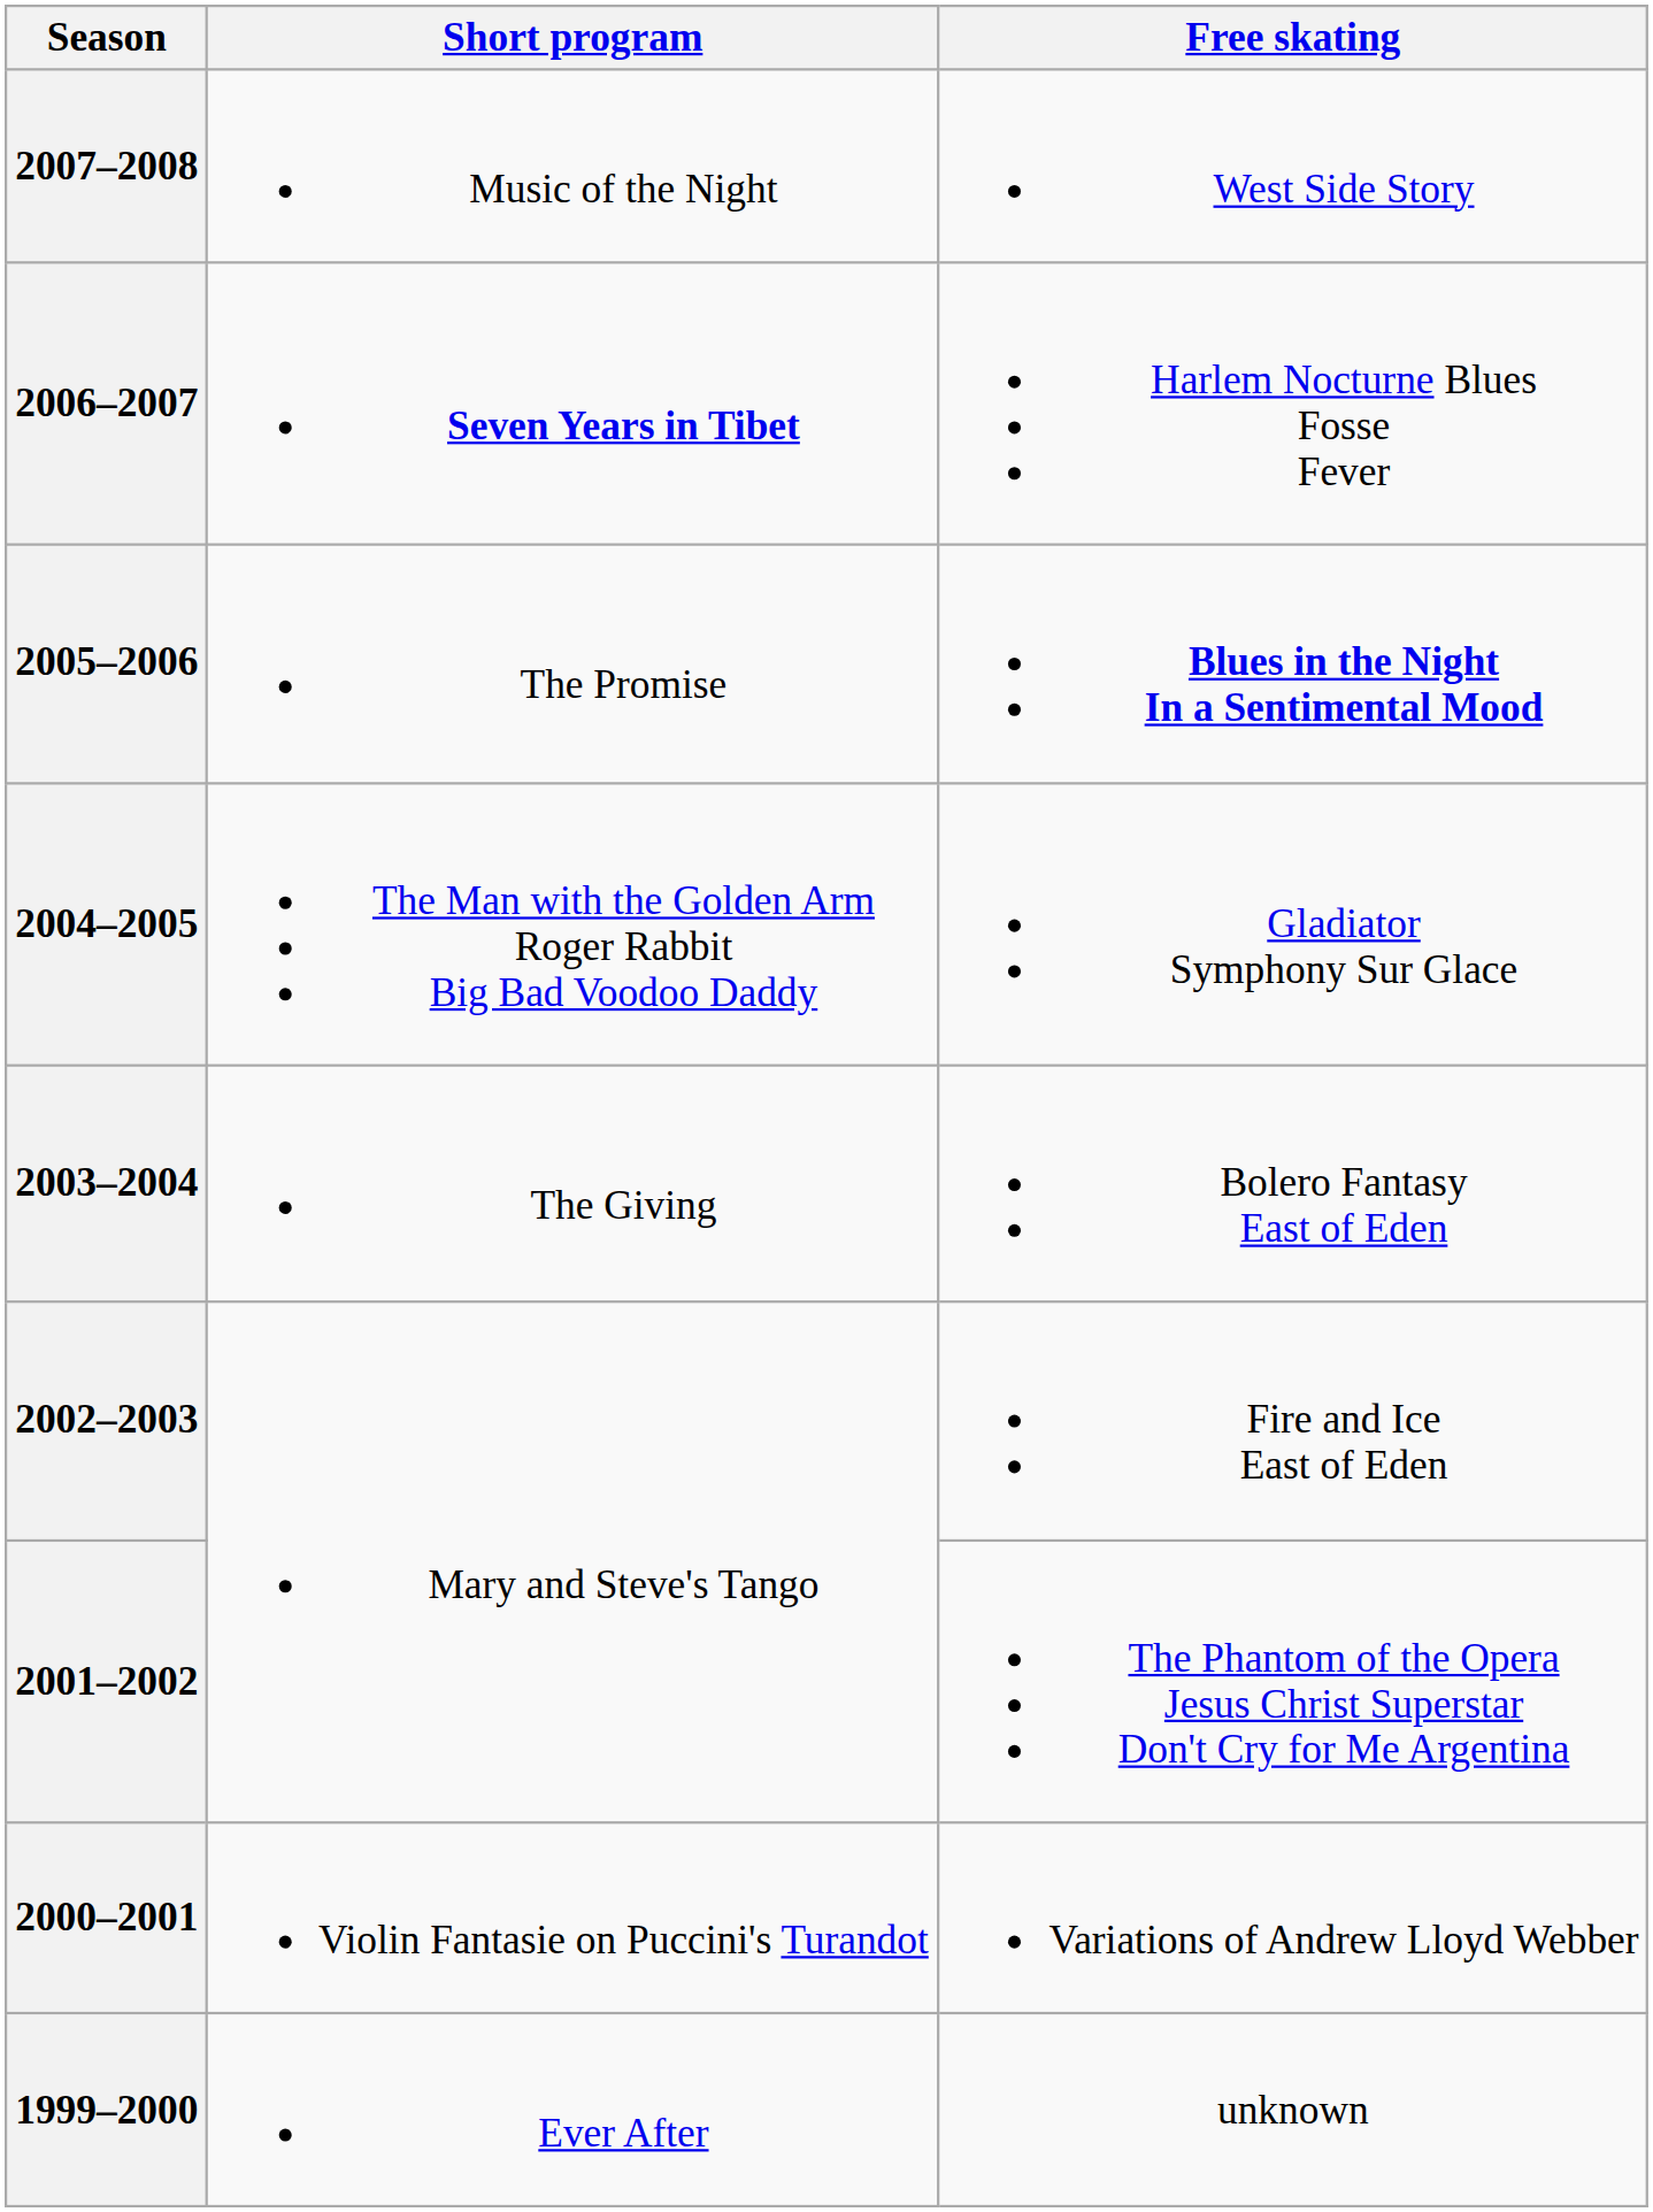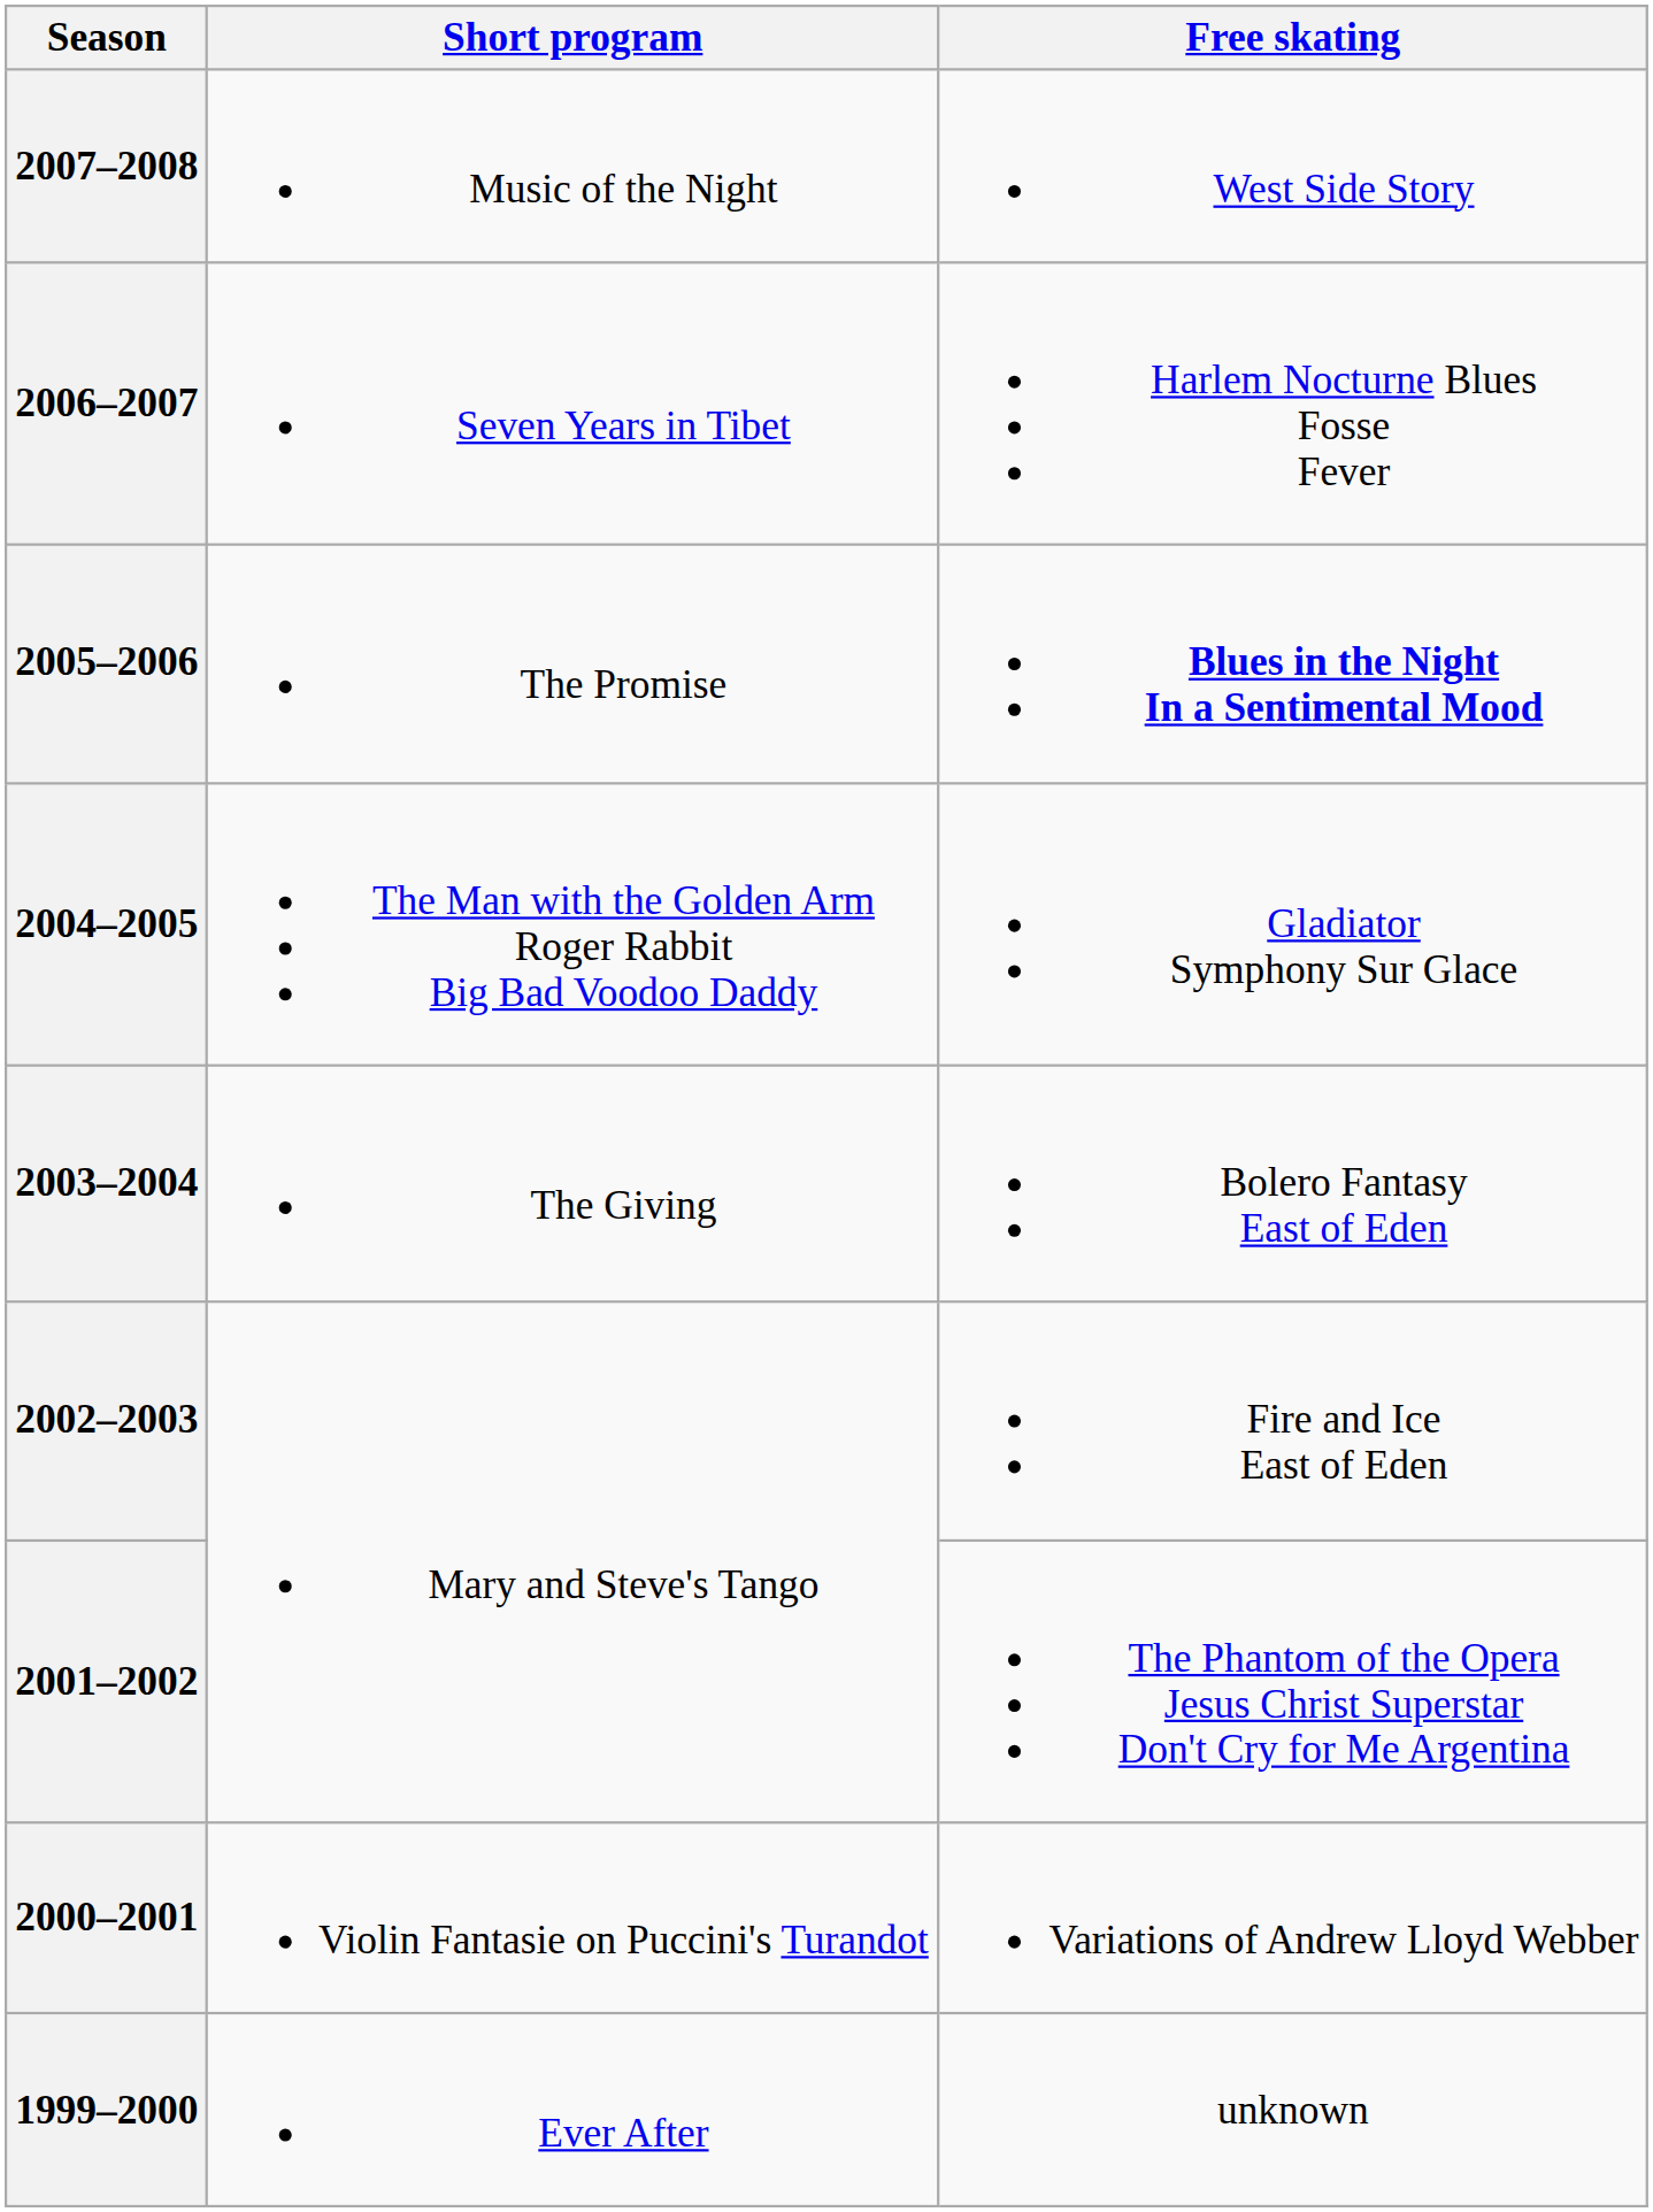 <table class=wikitable style=text-align:center>
 <tr>
 <th>Season</th>
 <th><a href='#'>Short program</a></th>
 <th><a href='#'>Free skating</a></th>
 </tr>
 <tr>
 <th>2007–2008 <br> </th>
 <td><br><ul><li>Music of the Night <br></li></ul></td>
 <td><br><ul><li><a href='#'>West Side Story</a> <br></li></ul></td>
 </tr>
 <tr>
 <th>2006–2007 <br> </th>
-<td><strong><br><ul><li><a href='#'>Seven Years in Tibet</a> <br></li></ul></strong></td>
+<td><br><ul><li><a href='#'>Seven Years in Tibet</a> <br></li></ul></td>
 <td><br><ul><li><a href='#'>Harlem Nocturne</a> Blues <br></li><li>Fosse</li><li>Fever</li></ul></td>
 </tr>
 <tr>
 <th>2005–2006 <br> </th>
 <td><br><ul><li>The Promise <br></li></ul></td>
 <td><strong><br><ul><li><a href='#'>Blues in the Night</a></li><li><a href='#'>In a Sentimental Mood</a></li></ul></strong></td>
 </tr>
 <tr>
 <th>2004–2005 <br> </th>
 <td><br><ul><li><a href='#'>The Man with the Golden Arm</a> <br></li><li>Roger Rabbit</li><li><a href='#'>Big Bad Voodoo Daddy</a></li></ul></td>
 <td><br><ul><li><a href='#'>Gladiator</a> <br></li><li>Symphony Sur Glace</li></ul></td>
 </tr>
 <tr>
 <th>2003–2004 <br> </th>
 <td><br><ul><li>The Giving <br></li></ul></td>
 <td><br><ul><li>Bolero Fantasy</li><li><a href='#'>East of Eden</a> <br></li></ul></td>
 </tr>
 <tr>
 <th>2002–2003 <br> </th>
 <td rowspan=2><br><ul><li>Mary and Steve's Tango <br></li></ul></td>
 <td><br><ul><li>Fire and Ice <br></li><li>East of Eden <br></li></ul></td>
 </tr>
 <tr>
 <th>2001–2002 <br> </th>
 <td><br><ul><li><a href='#'>The Phantom of the Opera</a> <br></li><li><a href='#'>Jesus Christ Superstar</a> <br></li><li><a href='#'>Don't Cry for Me Argentina</a> <br></li></ul></td>
 </tr>
 <tr>
 <th>2000–2001 <br> </th>
 <td><br><ul><li>Violin Fantasie on Puccini's <a href='#'>Turandot</a> <br></li></ul></td>
 <td><br><ul><li>Variations of Andrew Lloyd Webber <br></li></ul></td>
 </tr>
 <tr>
 <th>1999–2000</th>
 <td><br><ul><li><a href='#'>Ever After</a> <br></li></ul></td>
 <td align="center">unknown</td>
 </tr>
 </table>
